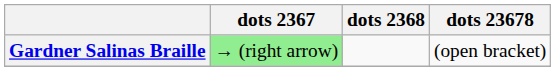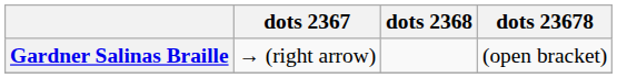 <table class="wikitable">
 <tr>
 <th></th>
 <th>dots 2367</th>
 <th>dots 2368</th>
 <th>dots 23678</th>
 </tr>
 <tr>
 <th align=left><a href='#'>Gardner Salinas Braille</a></th>
-<td style="background: lightgreen;">→ (right arrow)</td>
+<td>→ (right arrow)</td>
 <td></td>
 <td> (open bracket)</td>
 </tr>
 <tr>
 </tr>
 <tr>
 </tr>
 </table>
